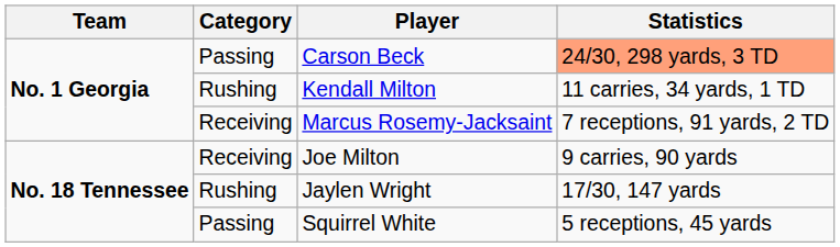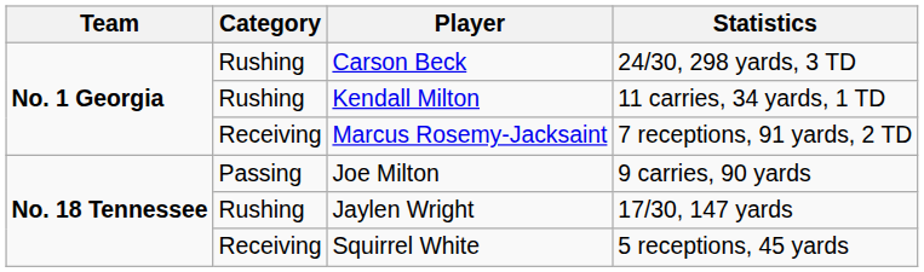 <table class="wikitable" style="float: right;">
 <tr>
 <th>Team</th>
 <th>Category</th>
 <th>Player</th>
 <th>Statistics</th>
 </tr>
 <tr>
 <td rowspan=3><strong>No. 1 Georgia</strong></td>
-<td>Passing</td>
+<td>Rushing</td>
 <td><a href='#'>Carson Beck</a></td>
-<td style="background: lightsalmon;">24/30, 298 yards, 3 TD</td>
+<td>24/30, 298 yards, 3 TD</td>
 </tr>
 <tr>
 <td>Rushing</td>
 <td><a href='#'>Kendall Milton</a></td>
 <td>11 carries, 34 yards, 1 TD</td>
 </tr>
 <tr>
 <td>Receiving</td>
 <td><a href='#'>Marcus Rosemy-Jacksaint</a></td>
 <td>7 receptions, 91 yards, 2 TD</td>
 </tr>
 <tr>
 <td rowspan=3><strong>No. 18 Tennessee</strong></td>
-<td>Receiving</td>
+<td>Passing</td>
 <td>Joe Milton</td>
 <td>9 carries, 90 yards</td>
 </tr>
 <tr>
 <td>Rushing</td>
 <td>Jaylen Wright</td>
 <td>17/30, 147 yards</td>
 </tr>
 <tr>
-<td>Passing</td>
+<td>Receiving</td>
 <td>Squirrel White</td>
 <td>5 receptions, 45 yards</td>
 </tr>
 </table>
